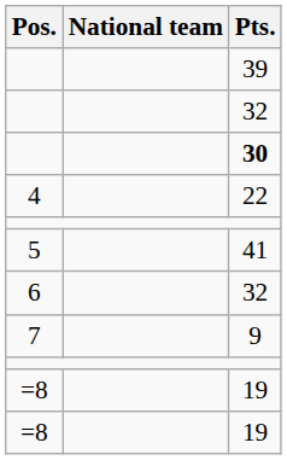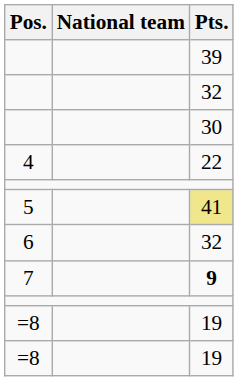 <table class=wikitable style="font-size: 95%">
 <tr>
 <th>Pos.</th>
 <th>National team</th>
 <th>Pts.</th>
 </tr>
 <tr align=center>
 <td></td>
 <td align=left></td>
 <td>39</td>
 </tr>
 <tr align=center>
 <td></td>
 <td align=left></td>
 <td>32</td>
 </tr>
 <tr align=center>
 <td></td>
 <td align=left></td>
-<td><strong>30</strong></td>
+<td>30</td>
 </tr>
 <tr align=center>
 <td>4</td>
 <td align=left></td>
 <td>22</td>
 </tr>
 <tr>
 <td colspan=3 ></td>
 </tr>
 <tr align=center>
 <td>5</td>
 <td align=left></td>
-<td>41</td>
+<td style="background: khaki;">41</td>
 </tr>
 <tr align=center>
 <td>6</td>
 <td align=left></td>
 <td>32</td>
 </tr>
 <tr align=center>
 <td>7</td>
 <td align=left></td>
-<td>9</td>
+<td><strong>9</strong></td>
 </tr>
 <tr>
 <td colspan=3 ></td>
 </tr>
 <tr align=center>
 <td>=8</td>
 <td align=left></td>
 <td>19</td>
 </tr>
 <tr align=center>
 <td>=8</td>
 <td align=left></td>
 <td>19</td>
 </tr>
 </table>
